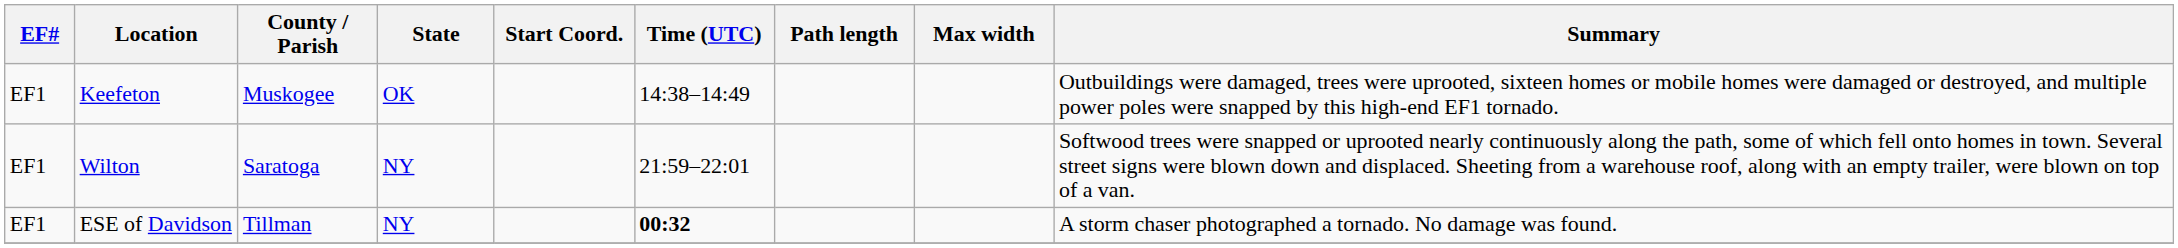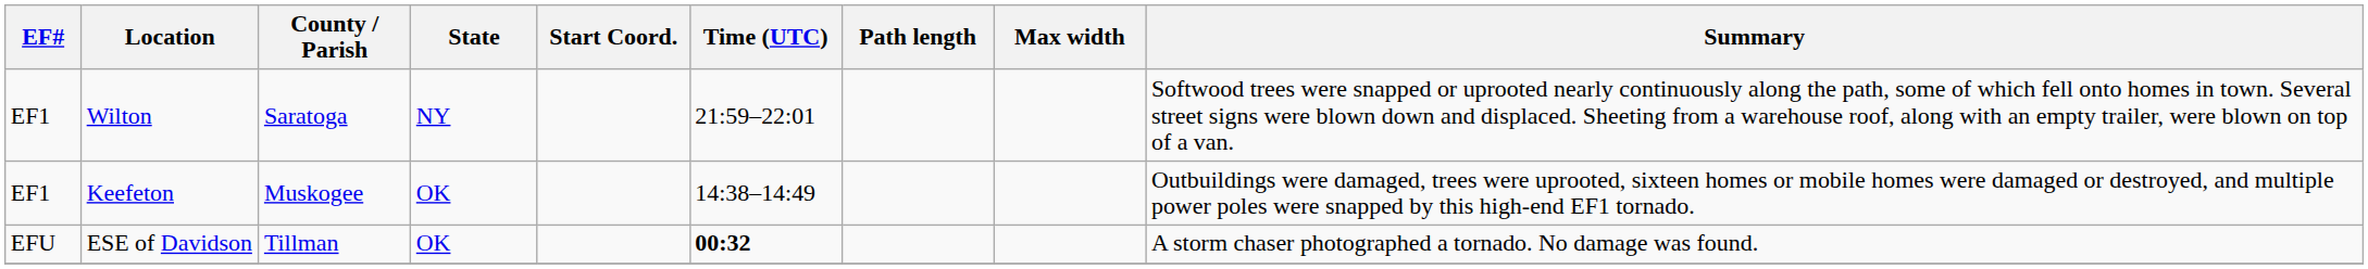 <table class="wikitable sortable" style="width:100%;">
 <tr>
 <th scope="col"  style="width:3%; text-align:center;"><a href='#'>EF#</a></th>
 <th scope="col"  style="width:7%; text-align:center;" class="unsortable">Location</th>
 <th scope="col"  style="width:6%; text-align:center;" class="unsortable">County / Parish</th>
 <th scope="col"  style="width:5%; text-align:center;">State</th>
 <th scope="col"  style="width:6%; text-align:center;">Start Coord.</th>
 <th scope="col"  style="width:6%; text-align:center;">Time (<a href='#'>UTC</a>)</th>
 <th scope="col"  style="width:6%; text-align:center;">Path length</th>
 <th scope="col"  style="width:6%; text-align:center;">Max width</th>
 <th scope="col" class="unsortable" style="width:48%; text-align:center;">Summary</th>
 </tr>
 <tr>
 <td>EF1</td>
-<td><a href='#'>Keefeton</a></td>
-<td><a href='#'>Muskogee</a></td>
-<td><a href='#'>OK</a></td>
-<td></td>
-<td>14:38–14:49</td>
-<td></td>
-<td></td>
-<td>Outbuildings were damaged, trees were uprooted, sixteen homes or mobile homes were damaged or destroyed, and multiple power poles were snapped by this high-end EF1 tornado.</td>
-</tr>
-<tr>
-<td>EF1</td>
 <td><a href='#'>Wilton</a></td>
 <td><a href='#'>Saratoga</a></td>
 <td><a href='#'>NY</a></td>
 <td></td>
 <td>21:59–22:01</td>
 <td></td>
 <td></td>
 <td>Softwood trees were snapped or uprooted nearly continuously along the path, some of which fell onto homes in town. Several street signs were blown down and displaced. Sheeting from a warehouse roof, along with an empty trailer, were blown on top of a van.</td>
 </tr>
 <tr>
 <td>EF1</td>
+<td><a href='#'>Keefeton</a></td>
+<td><a href='#'>Muskogee</a></td>
+<td><a href='#'>OK</a></td>
+<td></td>
+<td>14:38–14:49</td>
+<td></td>
+<td></td>
+<td>Outbuildings were damaged, trees were uprooted, sixteen homes or mobile homes were damaged or destroyed, and multiple power poles were snapped by this high-end EF1 tornado.</td>
+</tr>
+<tr>
+<td>EFU</td>
 <td>ESE of <a href='#'>Davidson</a></td>
 <td><a href='#'>Tillman</a></td>
-<td><a href='#'>NY</a></td>
+<td><a href='#'>OK</a></td>
 <td></td>
 <td><strong>00:32</strong></td>
 <td></td>
 <td></td>
 <td>A storm chaser photographed a tornado. No damage was found.</td>
 </tr>
 <tr>
 </tr>
 </table>
